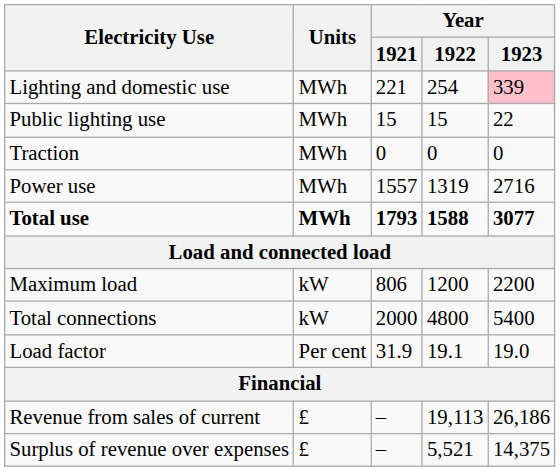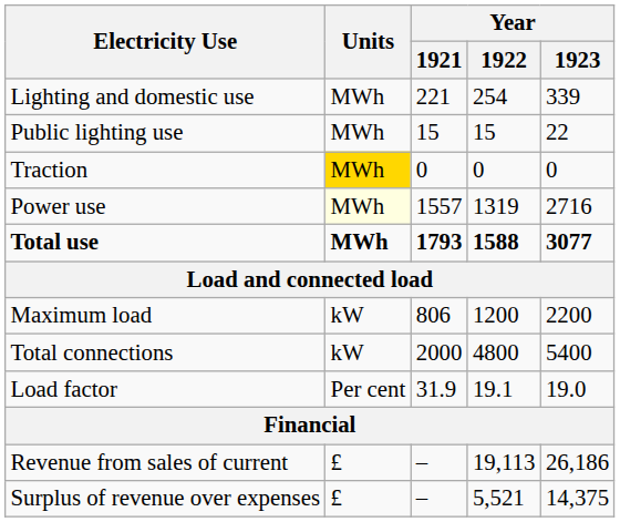 <table class="wikitable">
 <tr>
 <th rowspan="2">Electricity  Use</th>
 <th rowspan="2">Units</th>
 <th colspan="3">Year</th>
 </tr>
 <tr>
 <th>1921</th>
 <th>1922</th>
 <th>1923</th>
 </tr>
 <tr>
 <td>Lighting  and domestic use</td>
 <td>MWh</td>
 <td>221</td>
 <td>254</td>
-<td style="background: pink;">339</td>
+<td>339</td>
 </tr>
 <tr>
 <td>Public  lighting use</td>
 <td>MWh</td>
 <td>15</td>
 <td>15</td>
 <td>22</td>
 </tr>
 <tr>
 <td>Traction</td>
-<td>MWh</td>
+<td style="background: gold;">MWh</td>
 <td>0</td>
 <td>0</td>
 <td>0</td>
 </tr>
 <tr>
 <td>Power  use</td>
-<td>MWh</td>
+<td style="background: lightyellow;">MWh</td>
 <td>1557</td>
 <td>1319</td>
 <td>2716</td>
 </tr>
 <tr>
 <td><strong>Total  use</strong></td>
 <td><strong>MWh</strong></td>
 <td><strong>1793</strong></td>
 <td><strong>1588</strong></td>
 <td><strong>3077</strong></td>
 </tr>
 <tr>
 <th colspan="5">Load  and connected load</th>
 </tr>
 <tr>
 <td>Maximum  load</td>
 <td>kW</td>
 <td>806</td>
 <td>1200</td>
 <td>2200</td>
 </tr>
 <tr>
 <td>Total  connections</td>
 <td>kW</td>
 <td>2000</td>
 <td>4800</td>
 <td>5400</td>
 </tr>
 <tr>
 <td>Load  factor</td>
 <td>Per  cent</td>
 <td>31.9</td>
 <td>19.1</td>
 <td>19.0</td>
 </tr>
 <tr>
 <th colspan="5">Financial</th>
 </tr>
 <tr>
 <td>Revenue  from sales of current</td>
 <td>£</td>
 <td>–</td>
 <td>19,113</td>
 <td>26,186</td>
 </tr>
 <tr>
 <td>Surplus  of revenue over expenses</td>
 <td>£</td>
 <td>–</td>
 <td>5,521</td>
 <td>14,375</td>
 </tr>
 </table>
